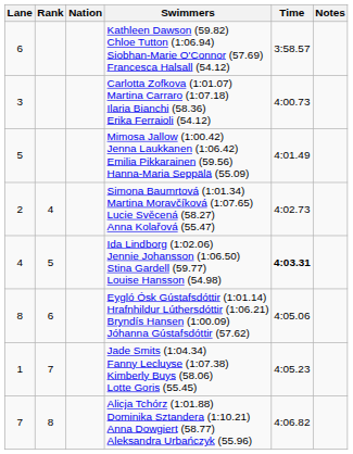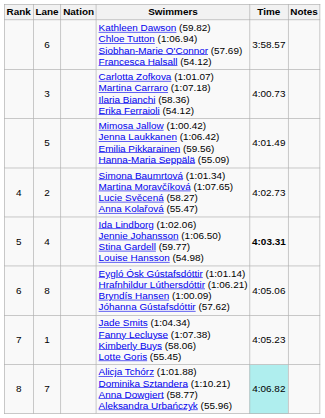 <table class="wikitable sortable" style="text-align:center">
 <tr>
+<th>Rank</th>
 <th>Lane</th>
-<th>Rank</th>
 <th>Nation</th>
 <th>Swimmers</th>
 <th>Time</th>
 <th>Notes</th>
 </tr>
 <tr>
+<td></td>
 <td>6</td>
-<td></td>
 <td align=left></td>
 <td align=left><a href='#'>Kathleen Dawson</a> (59.82)<br><a href='#'>Chloe Tutton</a> (1:06.94)<br><a href='#'>Siobhan-Marie O'Connor</a> (57.69)<br><a href='#'>Francesca Halsall</a> (54.12)</td>
 <td>3:58.57</td>
 <td></td>
 </tr>
 <tr>
+<td></td>
 <td>3</td>
-<td></td>
 <td align=left></td>
 <td align=left><a href='#'>Carlotta Zofkova</a> (1:01.07)<br><a href='#'>Martina Carraro</a> (1:07.18)<br><a href='#'>Ilaria Bianchi</a> (58.36)<br><a href='#'>Erika Ferraioli</a> (54.12)</td>
 <td>4:00.73</td>
 <td></td>
 </tr>
 <tr>
+<td></td>
 <td>5</td>
-<td></td>
 <td align=left></td>
 <td align=left><a href='#'>Mimosa Jallow</a> (1:00.42)<br><a href='#'>Jenna Laukkanen</a> (1:06.42)<br><a href='#'>Emilia Pikkarainen</a> (59.56)<br><a href='#'>Hanna-Maria Seppälä</a> (55.09)</td>
 <td>4:01.49</td>
 <td></td>
 </tr>
 <tr>
+<td>4</td>
 <td>2</td>
-<td>4</td>
 <td align=left></td>
 <td align=left><a href='#'>Simona Baumrtová</a> (1:01.34)<br><a href='#'>Martina Moravčíková</a> (1:07.65)<br><a href='#'>Lucie Svěcená</a> (58.27)<br><a href='#'>Anna Kolařová</a> (55.47)</td>
 <td>4:02.73</td>
 <td></td>
 </tr>
 <tr>
+<td>5</td>
 <td>4</td>
-<td>5</td>
 <td align=left></td>
 <td align=left><a href='#'>Ida Lindborg</a> (1:02.06)<br><a href='#'>Jennie Johansson</a> (1:06.50)<br><a href='#'>Stina Gardell</a> (59.77)<br><a href='#'>Louise Hansson</a> (54.98)</td>
 <td><strong>4:03.31</strong></td>
 <td></td>
 </tr>
 <tr>
+<td>6</td>
 <td>8</td>
-<td>6</td>
 <td align=left></td>
 <td align=left><a href='#'>Eygló Ósk Gústafsdóttir</a> (1:01.14)<br><a href='#'>Hrafnhildur Lúthersdóttir</a> (1:06.21)<br><a href='#'>Bryndís Hansen</a> (1:00.09)<br><a href='#'>Jóhanna Gústafsdóttir</a> (57.62)</td>
 <td>4:05.06</td>
 <td></td>
 </tr>
 <tr>
+<td>7</td>
 <td>1</td>
-<td>7</td>
 <td align=left></td>
 <td align=left><a href='#'>Jade Smits</a> (1:04.34)<br><a href='#'>Fanny Lecluyse</a> (1:07.38)<br><a href='#'>Kimberly Buys</a> (58.06)<br><a href='#'>Lotte Goris</a> (55.45)</td>
 <td>4:05.23</td>
 <td></td>
 </tr>
 <tr>
+<td>8</td>
 <td>7</td>
-<td>8</td>
 <td align=left></td>
 <td align=left><a href='#'>Alicja Tchórz</a> (1:01.88)<br><a href='#'>Dominika Sztandera</a> (1:10.21)<br><a href='#'>Anna Dowgiert</a> (58.77)<br><a href='#'>Aleksandra Urbańczyk</a> (55.96)</td>
-<td>4:06.82</td>
+<td style="background: paleturquoise;">4:06.82</td>
 <td></td>
 </tr>
 </table>
